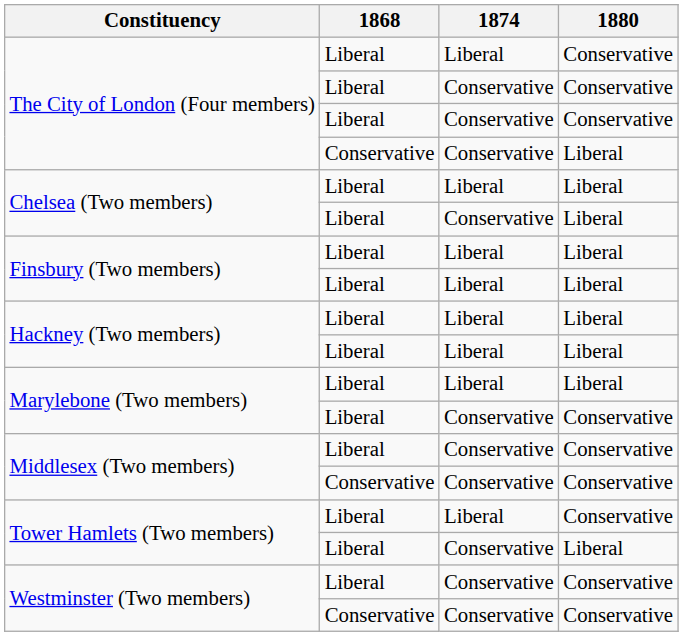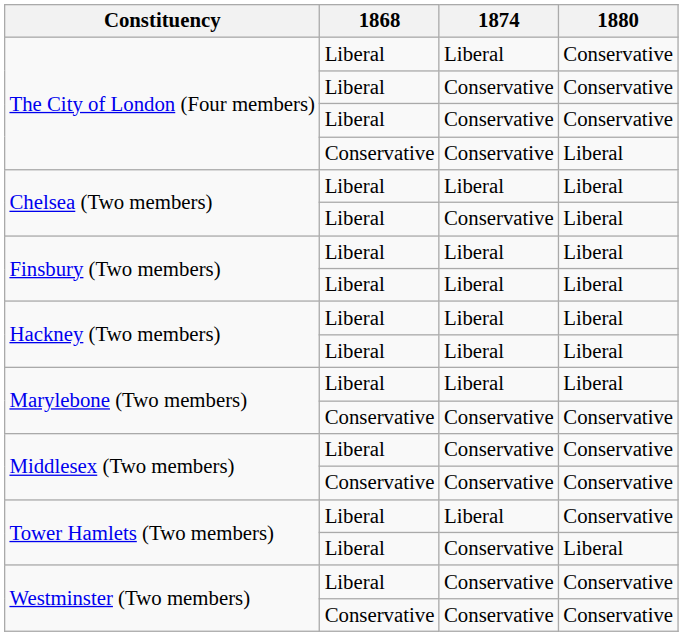 <table class="wikitable">
 <tr>
 <th>Constituency</th>
 <th>1868</th>
 <th>1874</th>
 <th>1880</th>
 </tr>
 <tr>
 <td rowspan="4"><a href='#'>The City of London</a> (Four members)</td>
 <td>Liberal</td>
 <td>Liberal</td>
 <td>Conservative</td>
 </tr>
 <tr>
 <td>Liberal</td>
 <td>Conservative</td>
 <td>Conservative</td>
 </tr>
 <tr>
 <td>Liberal</td>
 <td>Conservative</td>
 <td>Conservative</td>
 </tr>
 <tr>
 <td>Conservative</td>
 <td>Conservative</td>
 <td>Liberal</td>
 </tr>
 <tr>
 <td rowspan="2"><a href='#'>Chelsea</a> (Two members)</td>
 <td>Liberal</td>
 <td>Liberal</td>
 <td>Liberal</td>
 </tr>
 <tr>
 <td>Liberal</td>
 <td>Conservative</td>
 <td>Liberal</td>
 </tr>
 <tr>
 <td rowspan="2"><a href='#'>Finsbury</a> (Two members)</td>
 <td>Liberal</td>
 <td>Liberal</td>
 <td>Liberal</td>
 </tr>
 <tr>
 <td>Liberal</td>
 <td>Liberal</td>
 <td>Liberal</td>
 </tr>
 <tr>
 <td rowspan="2"><a href='#'>Hackney</a> (Two members)</td>
 <td>Liberal</td>
 <td>Liberal</td>
 <td>Liberal</td>
 </tr>
 <tr>
 <td>Liberal</td>
 <td>Liberal</td>
 <td>Liberal</td>
 </tr>
 <tr>
 <td rowspan="2"><a href='#'>Marylebone</a> (Two members)</td>
 <td>Liberal</td>
 <td>Liberal</td>
 <td>Liberal</td>
 </tr>
 <tr>
-<td>Liberal</td>
+<td>Conservative</td>
 <td>Conservative</td>
 <td>Conservative</td>
 </tr>
 <tr>
 <td rowspan="2"><a href='#'>Middlesex</a> (Two members)</td>
 <td>Liberal</td>
 <td>Conservative</td>
 <td>Conservative</td>
 </tr>
 <tr>
 <td>Conservative</td>
 <td>Conservative</td>
 <td>Conservative</td>
 </tr>
 <tr>
 <td rowspan="2"><a href='#'>Tower Hamlets</a> (Two members)</td>
 <td>Liberal</td>
 <td>Liberal</td>
 <td>Conservative</td>
 </tr>
 <tr>
 <td>Liberal</td>
 <td>Conservative</td>
 <td>Liberal</td>
 </tr>
 <tr>
 <td rowspan="2"><a href='#'>Westminster</a> (Two members)</td>
 <td>Liberal</td>
 <td>Conservative</td>
 <td>Conservative</td>
 </tr>
 <tr>
 <td>Conservative</td>
 <td>Conservative</td>
 <td>Conservative</td>
 </tr>
 </table>
